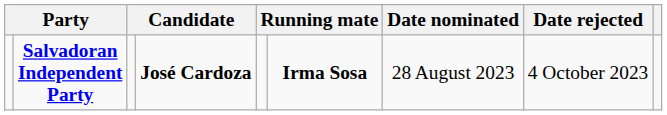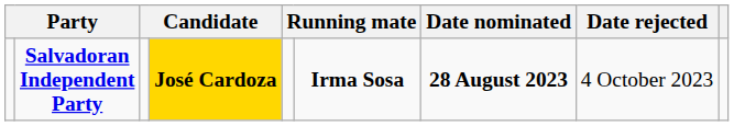 <table class="vertical-align-top wikitable sortable" style="text-align:center">
 <tr>
 <th colspan="2">Party</th>
 <th colspan="2">Candidate</th>
 <th colspan="2">Running mate</th>
 <th>Date nominated</th>
 <th>Date rejected</th>
 <th class="unsortable"></th>
 </tr>
 <tr>
 <td style="background-color:"></td>
 <td data-sort-value="Salvadoran Independent Party"> <strong><a href='#'>Salvadoran<br>Independent<br>Party</a></strong></td>
 <td></td>
-<td data-sort-value="Cardona, Jose"><strong>José Cardoza</strong></td>
+<td data-sort-value="Cardona, Jose" style="background: gold;"><strong>José Cardoza</strong></td>
 <td></td>
 <td data-sort-value="Sosa, Irma"><strong>Irma Sosa</strong></td>
-<td data-sort-value="2023-08-28">28 August 2023</td>
+<td data-sort-value="2023-08-28"><strong>28 August 2023</strong></td>
 <td data-sort-value="2023-10-04">4 October 2023</td>
 <td></td>
 </tr>
 </table>
